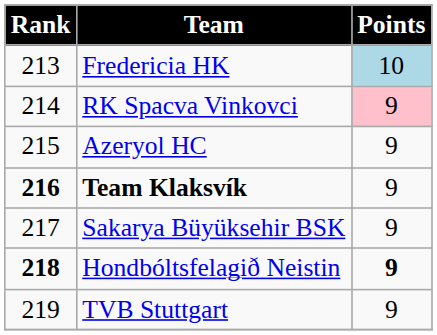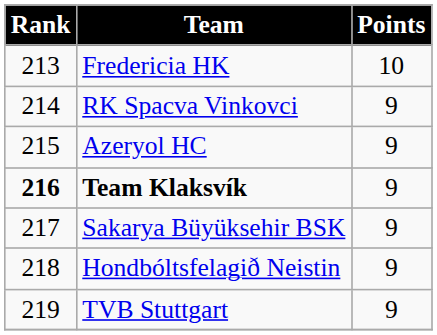 <table class="wikitable" style="text-align: center">
 <tr>
 <th style="color:#FFFFFF; background:#000000">Rank</th>
 <th style="color:#FFFFFF; background:#000000">Team</th>
 <th style="color:#FFFFFF; background:#000000">Points</th>
 </tr>
 <tr>
 <td>213</td>
 <td align=left> <a href='#'>Fredericia HK</a></td>
-<td style="background: lightblue;">10</td>
+<td>10</td>
 </tr>
 <tr>
 <td>214</td>
 <td align=left> <a href='#'>RK Spacva Vinkovci</a></td>
-<td style="background: pink;">9</td>
+<td>9</td>
 </tr>
 <tr>
 <td>215</td>
 <td align=left> <a href='#'>Azeryol HC</a></td>
 <td>9</td>
 </tr>
 <tr>
 <td><strong>216</strong></td>
 <td align=left> <strong>Team Klaksvík</strong></td>
 <td>9</td>
 </tr>
 <tr>
 <td>217</td>
 <td align=left> <a href='#'>Sakarya Büyüksehir BSK</a></td>
 <td>9</td>
 </tr>
 <tr>
-<td><strong>218</strong></td>
+<td>218</td>
 <td align=left> <a href='#'>Hondbóltsfelagið Neistin</a></td>
-<td><strong>9</strong></td>
+<td>9</td>
 </tr>
 <tr>
 <td>219</td>
 <td align=left> <a href='#'>TVB Stuttgart</a></td>
 <td>9</td>
 </tr>
 <tr>
 </tr>
 </table>
